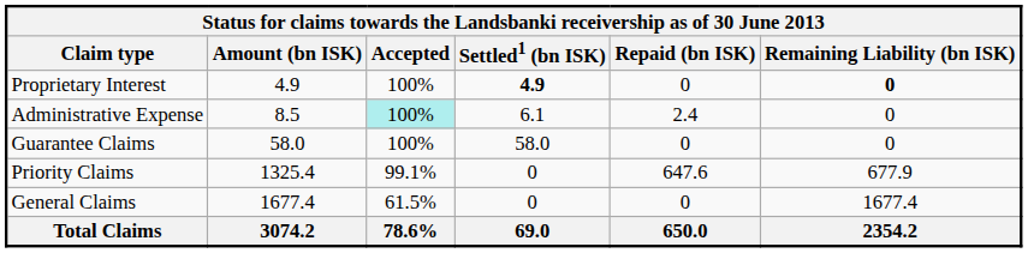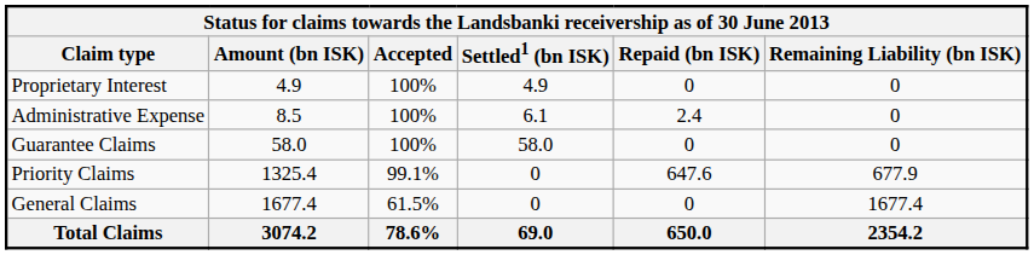 <table class="wikitable" style="border-collapse:collapse; font-size:90%; line-height:1.0; border:2px solid; text-align:center">
 <tr>
 <th colspan="6">Status for claims towards the Landsbanki receivership as of 30 June 2013</th>
 </tr>
 <tr>
 <th>Claim type</th>
 <th>Amount (bn ISK)</th>
 <th>Accepted</th>
 <th>Settled<sup>1</sup> (bn ISK)</th>
 <th>Repaid (bn ISK)</th>
 <th>Remaining Liability (bn ISK)</th>
 </tr>
 <tr align=center>
 <td align=left>Proprietary Interest</td>
 <td>4.9</td>
 <td>100%</td>
-<td><strong>4.9</strong></td>
+<td>4.9</td>
 <td>0</td>
-<td><strong>0</strong></td>
+<td>0</td>
 </tr>
 <tr align=center>
 <td align=left>Administrative Expense</td>
 <td>8.5</td>
-<td style="background: paleturquoise;">100%</td>
+<td>100%</td>
 <td>6.1</td>
 <td>2.4</td>
 <td>0</td>
 </tr>
 <tr align=center>
 <td align=left>Guarantee Claims</td>
 <td>58.0</td>
 <td>100%</td>
 <td>58.0</td>
 <td>0</td>
 <td>0</td>
 </tr>
 <tr align=center>
 <td align=left>Priority Claims</td>
 <td>1325.4</td>
 <td>99.1%</td>
 <td>0</td>
 <td>647.6</td>
 <td>677.9</td>
 </tr>
 <tr align=center>
 <td align=left>General Claims</td>
 <td>1677.4</td>
 <td>61.5%</td>
 <td>0</td>
 <td>0</td>
 <td>1677.4</td>
 </tr>
 <tr>
 <th>Total Claims</th>
 <th>3074.2</th>
 <th>78.6%</th>
 <th>69.0</th>
 <th>650.0</th>
 <th>2354.2</th>
 </tr>
 </table>
